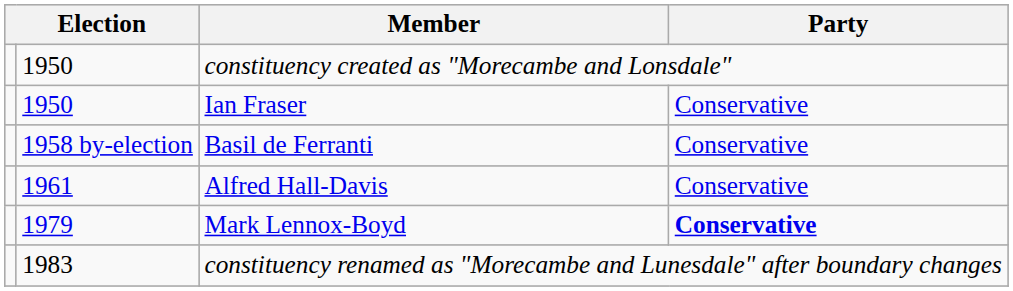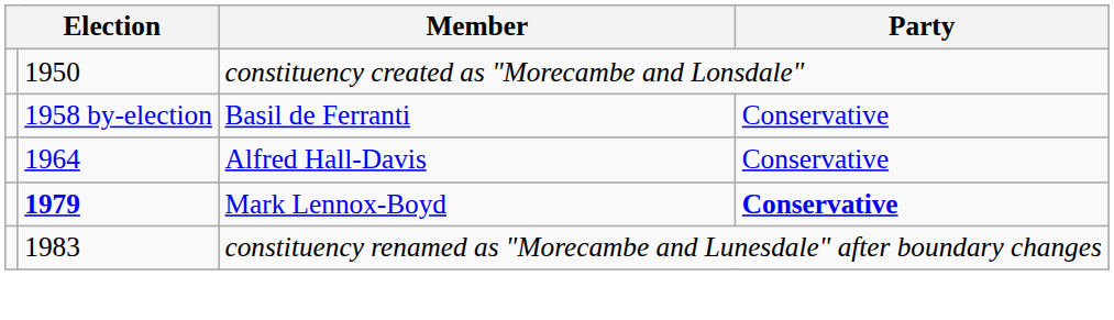 <table class="wikitable">
 <tr>
 <th colspan="2">Election</th>
 <th>Member</th>
 <th>Party</th>
 </tr>
 <tr>
 <td></td>
 <td>1950</td>
 <td colspan="2"><em>constituency created as "Morecambe and Lonsdale"</em></td>
 </tr>
 <tr>
 <td style="color:inherit;background-color: "></td>
-<td><a href='#'>1950</a></td>
-<td><a href='#'>Ian Fraser</a></td>
-<td><a href='#'>Conservative</a></td>
-</tr>
-<tr>
-<td style="color:inherit;background-color: "></td>
 <td><a href='#'>1958 by-election</a></td>
 <td><a href='#'>Basil de Ferranti</a></td>
 <td><a href='#'>Conservative</a></td>
 </tr>
 <tr>
 <td style="color:inherit;background-color: "></td>
-<td><a href='#'>1961</a></td>
+<td><a href='#'>1964</a></td>
 <td><a href='#'>Alfred Hall-Davis</a></td>
 <td><a href='#'>Conservative</a></td>
 </tr>
 <tr>
 <td style="color:inherit;background-color: "></td>
-<td><a href='#'>1979</a></td>
+<td><strong><a href='#'>1979</a></strong></td>
 <td><a href='#'>Mark Lennox-Boyd</a></td>
 <td><strong><a href='#'>Conservative</a></strong></td>
 </tr>
 <tr>
 <td></td>
 <td>1983</td>
 <td colspan="2"><em>constituency renamed as "Morecambe and Lunesdale" after boundary changes</em></td>
 </tr>
 </table>
